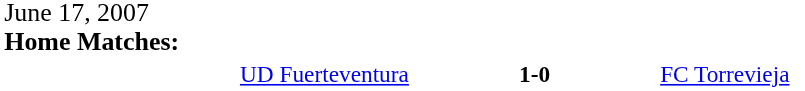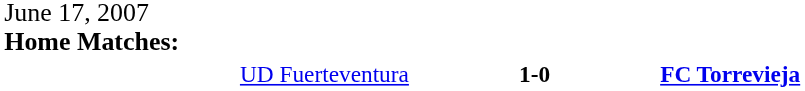 <table width=100% cellspacing=1>
 <tr>
 <th width=20%></th>
 <th width=12%></th>
 <th width=20%></th>
 <th></th>
 </tr>
 <tr>
 <td>June 17, 2007<br><strong>Home Matches:</strong></td>
 </tr>
 <tr style=font-size:90%>
 <td align=right><a href='#'>UD Fuerteventura</a></td>
 <td align=center><strong>1-0</strong></td>
-<td><a href='#'>FC Torrevieja</a></td>
+<td><strong><a href='#'>FC Torrevieja</a></strong></td>
 </tr>
 </table>
